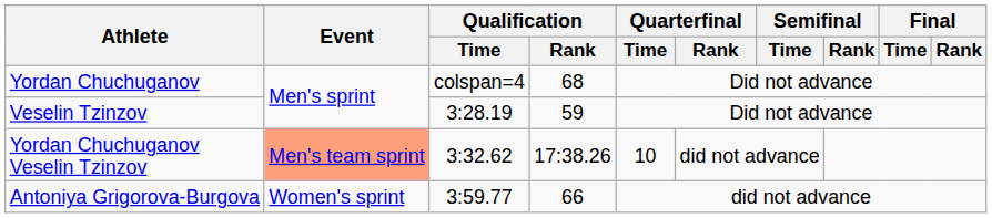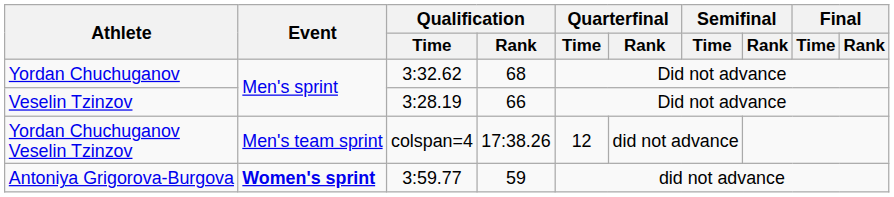 <table class="wikitable" style="font-size:90%">
 <tr>
 <th rowspan="2">Athlete</th>
 <th rowspan="2">Event</th>
 <th colspan="2">Qualification</th>
 <th colspan="2">Quarterfinal</th>
 <th colspan="2">Semifinal</th>
 <th colspan="2">Final</th>
 </tr>
 <tr style="font-size:95%">
 <th>Time</th>
 <th>Rank</th>
 <th>Time</th>
 <th>Rank</th>
 <th>Time</th>
 <th>Rank</th>
 <th>Time</th>
 <th>Rank</th>
 </tr>
 <tr align=center>
 <td align=left><a href='#'>Yordan Chuchuganov</a></td>
 <td align=left rowspan=2><a href='#'>Men's sprint</a></td>
-<td>colspan=4 </td>
+<td>3:32.62</td>
 <td>68</td>
 <td colspan="6">Did not advance</td>
 </tr>
 <tr align=center>
 <td align=left><a href='#'>Veselin Tzinzov</a></td>
 <td>3:28.19</td>
-<td>59</td>
+<td>66</td>
 <td colspan="6">Did not advance</td>
 </tr>
 <tr align=center>
 <td align=left><a href='#'>Yordan Chuchuganov</a><br><a href='#'>Veselin Tzinzov</a></td>
-<td align=left style="background: lightsalmon;"><a href='#'>Men's team sprint</a></td>
-<td>3:32.62</td>
+<td align=left><a href='#'>Men's team sprint</a></td>
+<td>colspan=4 </td>
 <td>17:38.26</td>
-<td>10</td>
+<td>12</td>
 <td colspan=2>did not advance</td>
 </tr>
 <tr align=center>
 <td align=left><a href='#'>Antoniya Grigorova-Burgova</a></td>
-<td align=left><a href='#'>Women's sprint</a></td>
+<td align=left><strong><a href='#'>Women's sprint</a></strong></td>
 <td>3:59.77</td>
-<td>66</td>
+<td>59</td>
 <td colspan=6>did not advance</td>
 </tr>
 </table>
